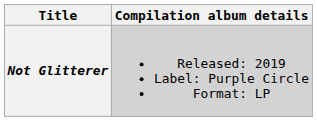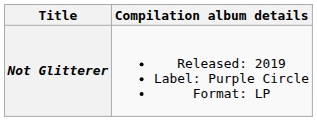 <table class="wikitable plainrowheaders" style="text-align:center;">
 <tr>
 <th scope="col">Title</th>
 <th scope="col">Compilation album details</th>
 </tr>
 <tr>
 <th scope="row"><em>Not Glitterer</em></th>
-<td style="background: lightgrey;"><br><ul><li>Released: 2019</li><li>Label: Purple Circle</li><li>Format: LP</li></ul></td>
+<td><br><ul><li>Released: 2019</li><li>Label: Purple Circle</li><li>Format: LP</li></ul></td>
 </tr>
 </table>
